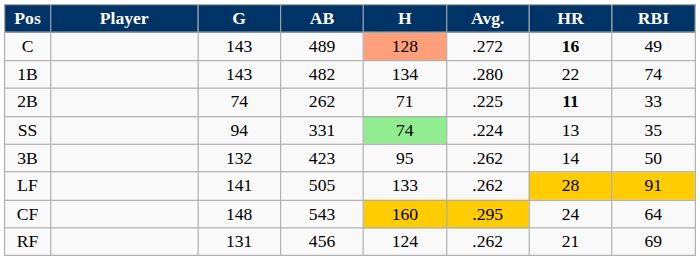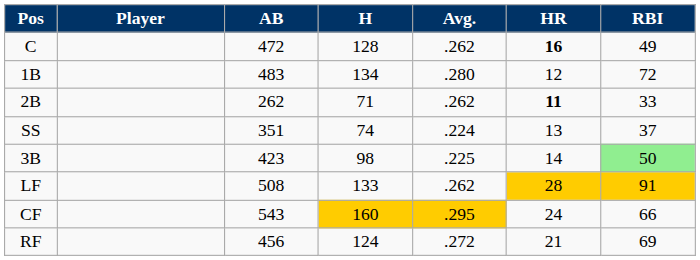 <table class="wikitable sortable">
 <tr>
 <th style="background:#003366;color:white;" width="5%">Pos</th>
 <th style="background:#003366;color:white;" width="16%">Player</th>
-<th style="background:#003366;color:white;" width="9%">G</th>
 <th style="background:#003366;color:white;" width="9%">AB</th>
 <th style="background:#003366;color:white;" width="9%">H</th>
 <th style="background:#003366;color:white;" width="9%">Avg.</th>
 <th style="background:#003366;color:white;" width="9%">HR</th>
 <th style="background:#003366;color:white;" width="9%">RBI</th>
 </tr>
 <tr align="center">
 <td>C</td>
 <td></td>
-<td>143</td>
-<td>489</td>
-<td style="background: lightsalmon;">128</td>
-<td>.272</td>
+<td>472</td>
+<td>128</td>
+<td>.262</td>
 <td><strong>16</strong></td>
 <td>49</td>
 </tr>
 <tr align="center">
 <td>1B</td>
 <td></td>
-<td>143</td>
-<td>482</td>
+<td>483</td>
 <td>134</td>
 <td>.280</td>
-<td>22</td>
-<td>74</td>
+<td>12</td>
+<td>72</td>
 </tr>
 <tr align="center">
 <td>2B</td>
 <td></td>
-<td>74</td>
 <td>262</td>
 <td>71</td>
-<td>.225</td>
+<td>.262</td>
 <td><strong>11</strong></td>
 <td>33</td>
 </tr>
 <tr align="center">
 <td>SS</td>
 <td></td>
-<td>94</td>
-<td>331</td>
-<td style="background: lightgreen;">74</td>
+<td>351</td>
+<td>74</td>
 <td>.224</td>
 <td>13</td>
-<td>35</td>
+<td>37</td>
 </tr>
 <tr align="center">
 <td>3B</td>
 <td></td>
-<td>132</td>
 <td>423</td>
-<td>95</td>
-<td>.262</td>
+<td>98</td>
+<td>.225</td>
 <td>14</td>
-<td>50</td>
+<td style="background: lightgreen;">50</td>
 </tr>
 <tr align="center">
 <td>LF</td>
 <td></td>
-<td>141</td>
-<td>505</td>
+<td>508</td>
 <td>133</td>
 <td>.262</td>
 <td style="background:#fc0;">28</td>
 <td style="background:#fc0;">91</td>
 </tr>
 <tr align="center">
 <td>CF</td>
 <td></td>
-<td>148</td>
 <td>543</td>
 <td style="background:#fc0;">160</td>
 <td style="background:#fc0;">.295</td>
 <td>24</td>
-<td>64</td>
+<td>66</td>
 </tr>
 <tr align="center">
 <td>RF</td>
 <td></td>
-<td>131</td>
 <td>456</td>
 <td>124</td>
-<td>.262</td>
+<td>.272</td>
 <td>21</td>
 <td>69</td>
 </tr>
 </table>
